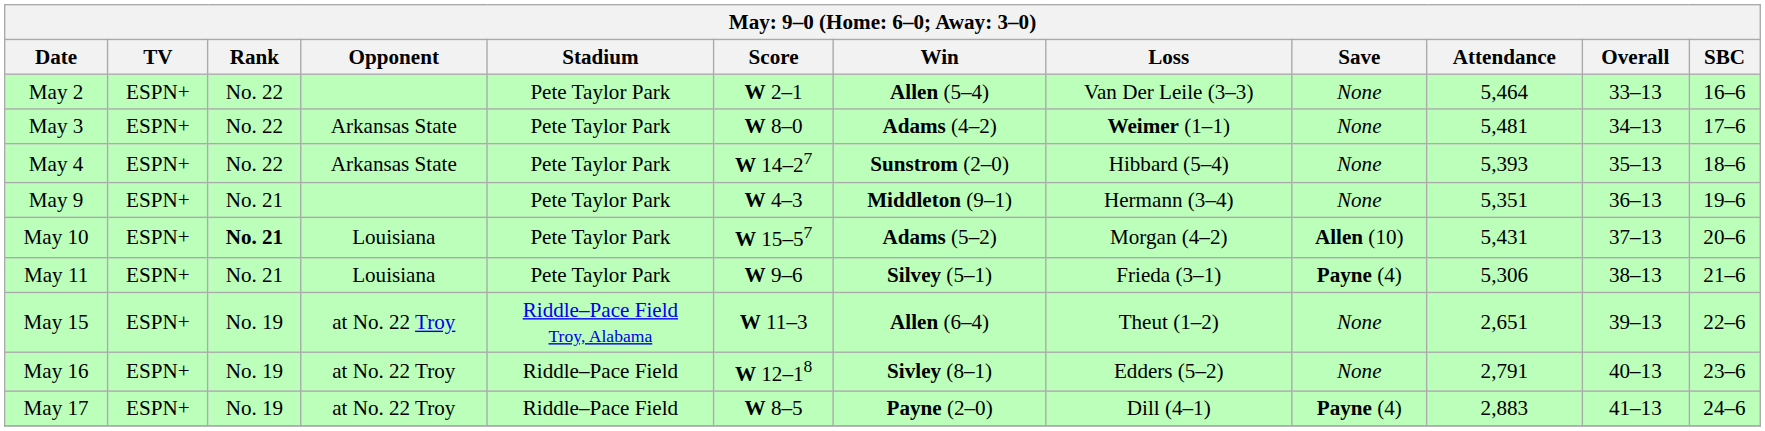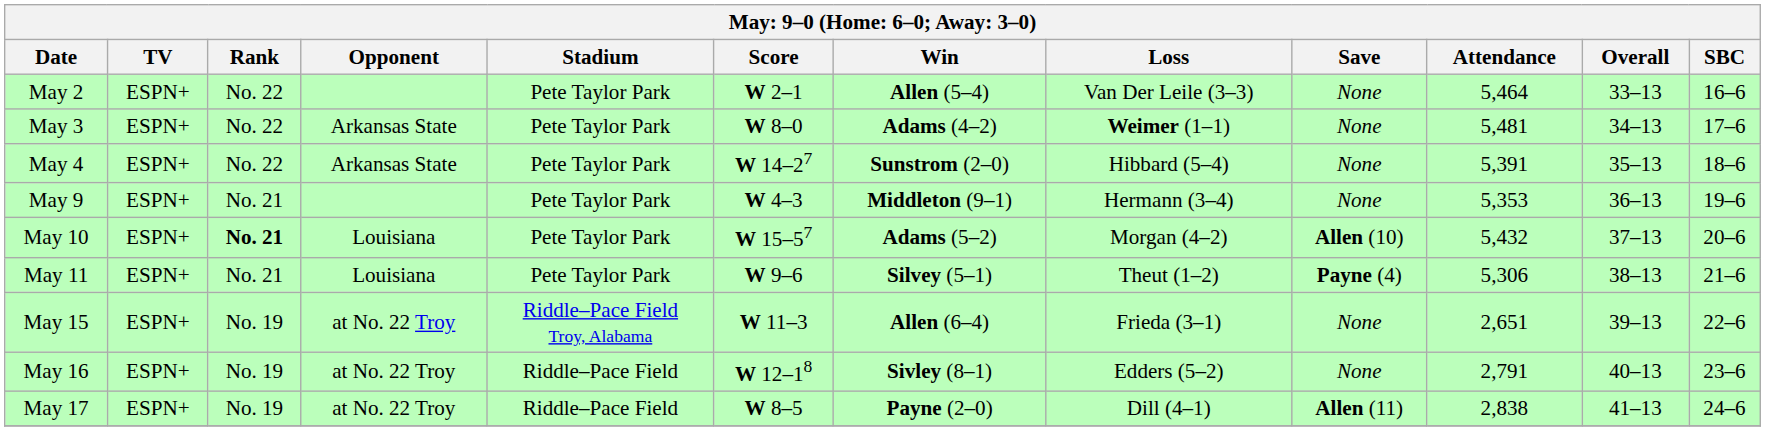 <table class="wikitable collapsible" style="margin:auto; width:100%; text-align:center; font-size:95%">
 <tr>
 <th colspan=12>May: 9–0 (Home: 6–0; Away: 3–0)</th>
 </tr>
 <tr>
 <th>Date</th>
 <th>TV</th>
 <th>Rank</th>
 <th>Opponent</th>
 <th>Stadium</th>
 <th>Score</th>
 <th>Win</th>
 <th>Loss</th>
 <th>Save</th>
 <th>Attendance</th>
 <th>Overall</th>
 <th>SBC</th>
 </tr>
 <tr style="background:#bfb">
 <td>May 2</td>
 <td>ESPN+</td>
 <td>No. 22</td>
 <td></td>
 <td>Pete Taylor Park</td>
 <td><strong>W</strong> 2–1</td>
 <td><strong>Allen</strong> (5–4)</td>
 <td>Van Der Leile (3–3)</td>
 <td><em>None</em></td>
 <td>5,464</td>
 <td>33–13</td>
 <td>16–6</td>
 </tr>
 <tr style="background:#bfb">
 <td>May 3</td>
 <td>ESPN+</td>
 <td>No. 22</td>
 <td>Arkansas State</td>
 <td>Pete Taylor Park</td>
 <td><strong>W</strong> 8–0</td>
 <td><strong>Adams</strong> (4–2)</td>
 <td><strong>Weimer</strong> (1–1)</td>
 <td><em>None</em></td>
 <td>5,481</td>
 <td>34–13</td>
 <td>17–6</td>
 </tr>
 <tr style="background:#bfb">
 <td>May 4</td>
 <td>ESPN+</td>
 <td>No. 22</td>
 <td>Arkansas State</td>
 <td>Pete Taylor Park</td>
 <td><strong>W</strong> 14–2<sup>7</sup></td>
 <td><strong>Sunstrom</strong> (2–0)</td>
 <td>Hibbard (5–4)</td>
 <td><em>None</em></td>
-<td>5,393</td>
+<td>5,391</td>
 <td>35–13</td>
 <td>18–6</td>
 </tr>
 <tr style="background:#bfb">
 <td>May 9</td>
 <td>ESPN+</td>
 <td>No. 21</td>
 <td></td>
 <td>Pete Taylor Park</td>
 <td><strong>W</strong> 4–3</td>
 <td><strong>Middleton</strong> (9–1)</td>
 <td>Hermann (3–4)</td>
 <td><em>None</em></td>
-<td>5,351</td>
+<td>5,353</td>
 <td>36–13</td>
 <td>19–6</td>
 </tr>
 <tr style="background:#bfb">
 <td>May 10</td>
 <td>ESPN+</td>
 <td><strong>No. 21</strong></td>
 <td>Louisiana</td>
 <td>Pete Taylor Park</td>
 <td><strong>W</strong> 15–5<sup>7</sup></td>
 <td><strong>Adams</strong> (5–2)</td>
 <td>Morgan (4–2)</td>
 <td><strong>Allen</strong> (10)</td>
-<td>5,431</td>
+<td>5,432</td>
 <td>37–13</td>
 <td>20–6</td>
 </tr>
 <tr style="background:#bfb">
 <td>May 11</td>
 <td>ESPN+</td>
 <td>No. 21</td>
 <td>Louisiana</td>
 <td>Pete Taylor Park</td>
 <td><strong>W</strong> 9–6</td>
 <td><strong>Silvey</strong> (5–1)</td>
-<td>Frieda (3–1)</td>
+<td>Theut (1–2)</td>
 <td><strong>Payne</strong> (4)</td>
 <td>5,306</td>
 <td>38–13</td>
 <td>21–6</td>
 </tr>
 <tr style="background:#bfb">
 <td>May 15</td>
 <td>ESPN+</td>
 <td>No. 19</td>
 <td>at No. 22 <a href='#'>Troy</a></td>
 <td><a href='#'>Riddle–Pace Field</a><br><small><a href='#'>Troy, Alabama</a></small></td>
 <td><strong>W</strong> 11–3</td>
 <td><strong>Allen</strong> (6–4)</td>
-<td>Theut (1–2)</td>
+<td>Frieda (3–1)</td>
 <td><em>None</em></td>
 <td>2,651</td>
 <td>39–13</td>
 <td>22–6</td>
 </tr>
 <tr style="background:#bfb">
 <td>May 16</td>
 <td>ESPN+</td>
 <td>No. 19</td>
 <td>at No. 22 Troy</td>
 <td>Riddle–Pace Field</td>
 <td><strong>W</strong> 12–1<sup>8</sup></td>
 <td><strong>Sivley</strong> (8–1)</td>
 <td>Edders (5–2)</td>
 <td><em>None</em></td>
 <td>2,791</td>
 <td>40–13</td>
 <td>23–6</td>
 </tr>
 <tr style="background:#bfb">
 <td>May 17</td>
 <td>ESPN+</td>
 <td>No. 19</td>
 <td>at No. 22 Troy</td>
 <td>Riddle–Pace Field</td>
 <td><strong>W</strong> 8–5</td>
 <td><strong>Payne</strong> (2–0)</td>
 <td>Dill (4–1)</td>
-<td><strong>Payne</strong> (4)</td>
-<td>2,883</td>
+<td><strong>Allen</strong> (11)</td>
+<td>2,838</td>
 <td>41–13</td>
 <td>24–6</td>
 </tr>
 <tr>
 </tr>
 </table>
